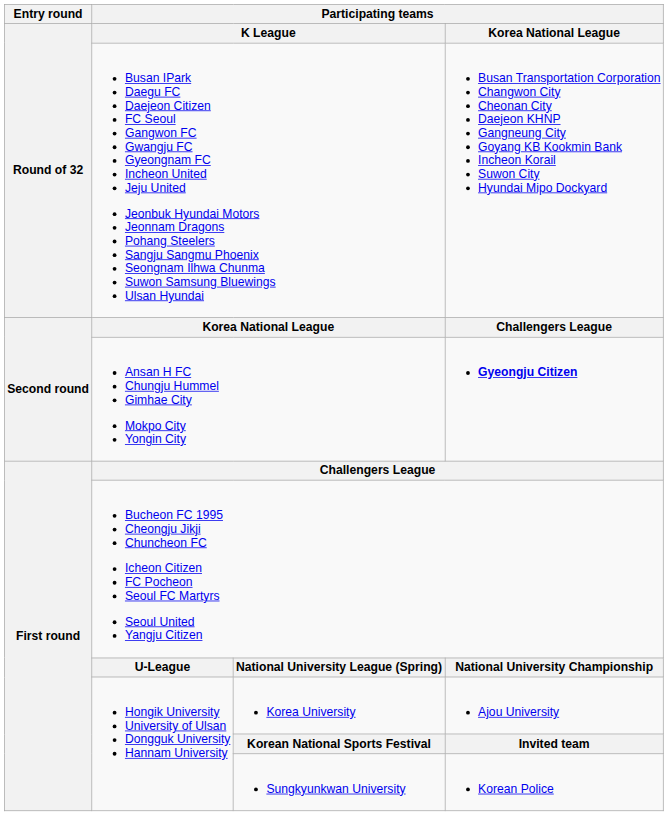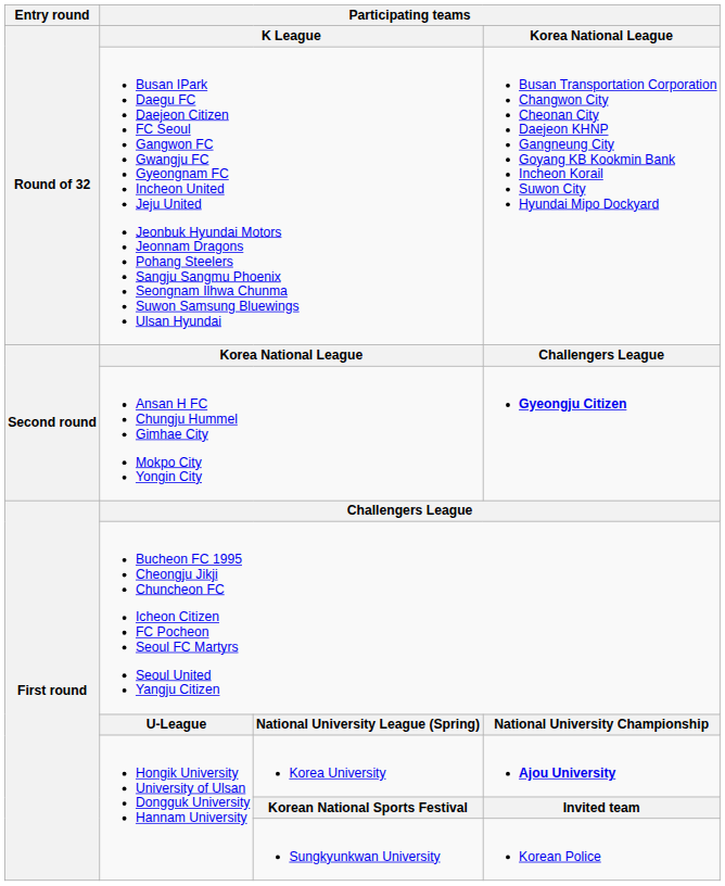 <table class="wikitable">
 <tr>
 <th>Entry round</th>
 <th colspan="3">Participating teams</th>
 </tr>
 <tr>
 <th rowspan="2">Round of 32</th>
 <th colspan="2">K League<br></th>
 <th>Korea National League<br></th>
 </tr>
 <tr style="vertical-align:top">
 <td colspan="2"><br> <ul><li><a href='#'>Busan IPark</a></li><li><a href='#'>Daegu FC</a></li><li><a href='#'>Daejeon Citizen</a></li><li><a href='#'>FC Seoul</a></li><li><a href='#'>Gangwon FC</a></li><li><a href='#'>Gwangju FC</a></li><li><a href='#'>Gyeongnam FC</a></li><li><a href='#'>Incheon United</a></li><li><a href='#'>Jeju United</a></li></ul><ul><li><a href='#'>Jeonbuk Hyundai Motors</a></li><li><a href='#'>Jeonnam Dragons</a></li><li><a href='#'>Pohang Steelers</a></li><li><a href='#'>Sangju Sangmu Phoenix</a></li><li><a href='#'>Seongnam Ilhwa Chunma</a></li><li><a href='#'>Suwon Samsung Bluewings</a></li><li><a href='#'>Ulsan Hyundai</a></li></ul></td>
 <td><br><ul><li><a href='#'>Busan Transportation Corporation</a></li><li><a href='#'>Changwon City</a></li><li><a href='#'>Cheonan City</a></li><li><a href='#'>Daejeon KHNP</a></li><li><a href='#'>Gangneung City</a></li><li><a href='#'>Goyang KB Kookmin Bank</a></li><li><a href='#'>Incheon Korail</a></li><li><a href='#'>Suwon City</a></li><li><a href='#'>Hyundai Mipo Dockyard</a></li></ul></td>
 </tr>
 <tr>
 <th rowspan="2">Second round</th>
 <th colspan="2">Korea National League<br></th>
 <th>Challengers League<br></th>
 </tr>
 <tr style="vertical-align:top">
 <td colspan="2"><br> <ul><li><a href='#'>Ansan H FC</a></li><li><a href='#'>Chungju Hummel</a></li><li><a href='#'>Gimhae City</a></li></ul><ul><li><a href='#'>Mokpo City</a></li><li><a href='#'>Yongin City</a></li></ul></td>
 <td><strong><br><ul><li><a href='#'>Gyeongju Citizen</a></li></ul></strong></td>
 </tr>
 <tr>
 <th rowspan="6">First round</th>
 <th colspan="3">Challengers League<br></th>
 </tr>
 <tr style="vertical-align:top">
 <td colspan="3"><br> <ul><li><a href='#'>Bucheon FC 1995</a></li><li><a href='#'>Cheongju Jikji</a></li><li><a href='#'>Chuncheon FC</a></li></ul><ul><li><a href='#'>Icheon Citizen</a></li><li><a href='#'>FC Pocheon</a></li><li><a href='#'>Seoul FC Martyrs</a></li></ul><ul><li><a href='#'>Seoul United</a></li><li><a href='#'>Yangju Citizen</a></li></ul></td>
 </tr>
 <tr>
 <th>U-League<br></th>
 <th>National University League (Spring)<br></th>
 <th>National University Championship<br></th>
 </tr>
 <tr style="vertical-align:top">
 <td rowspan="3"><br><ul><li><a href='#'>Hongik University</a></li><li><a href='#'>University of Ulsan</a></li><li><a href='#'>Dongguk University</a></li><li><a href='#'>Hannam University</a></li></ul></td>
 <td><br><ul><li><a href='#'>Korea University</a></li></ul></td>
-<td><br><ul><li><a href='#'>Ajou University</a></li></ul></td>
+<td><strong><br><ul><li><a href='#'>Ajou University</a></li></ul></strong></td>
 </tr>
 <tr>
 <th>Korean National Sports Festival<br></th>
 <th>Invited team<br></th>
 </tr>
 <tr style="vertical-align:top">
 <td><br><ul><li><a href='#'>Sungkyunkwan University</a></li></ul></td>
 <td><br><ul><li><a href='#'>Korean Police</a></li></ul></td>
 </tr>
 </table>
